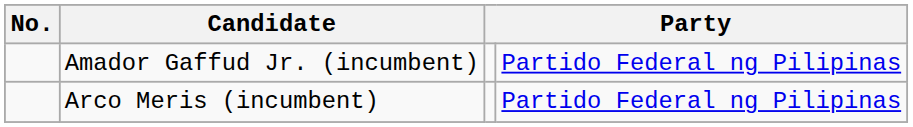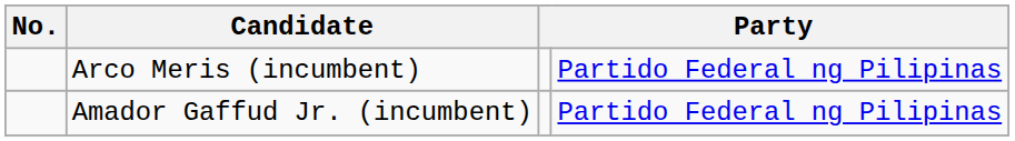 <table class="wikitable sortable" style="text-align:left;">
 <tr>
 <th>No.</th>
 <th>Candidate</th>
 <th colspan="2">Party</th>
 </tr>
 <tr>
 <td></td>
-<td>Amador Gaffud Jr. (incumbent)</td>
+<td>Arco Meris (incumbent)</td>
 <td></td>
 <td><a href='#'>Partido Federal ng Pilipinas</a></td>
 </tr>
 <tr>
 <td></td>
-<td>Arco Meris (incumbent)</td>
+<td>Amador Gaffud Jr. (incumbent)</td>
 <td></td>
 <td><a href='#'>Partido Federal ng Pilipinas</a></td>
 </tr>
 </table>
